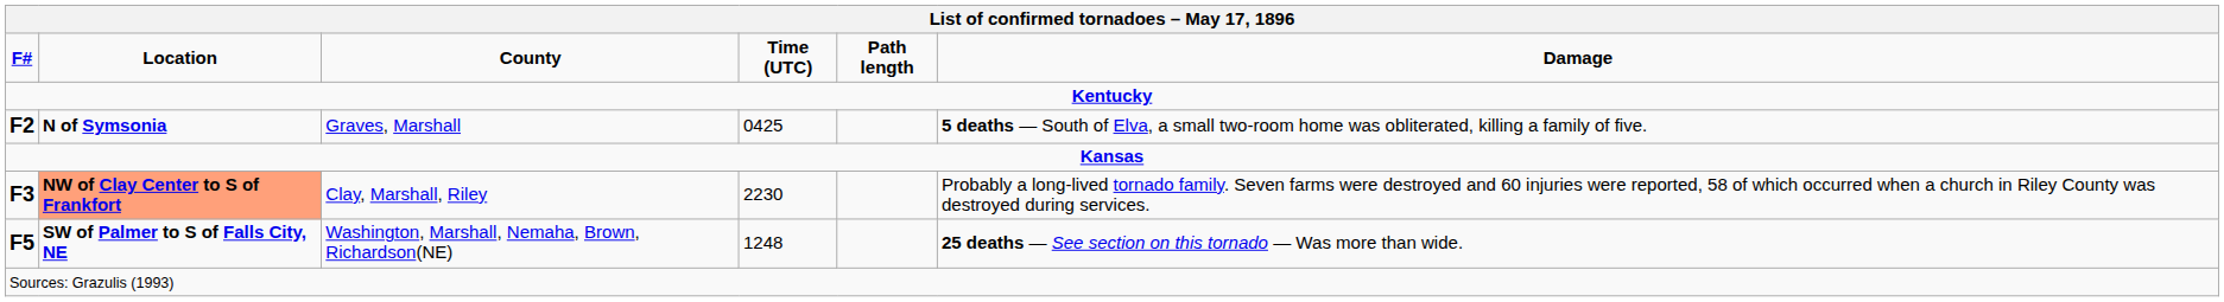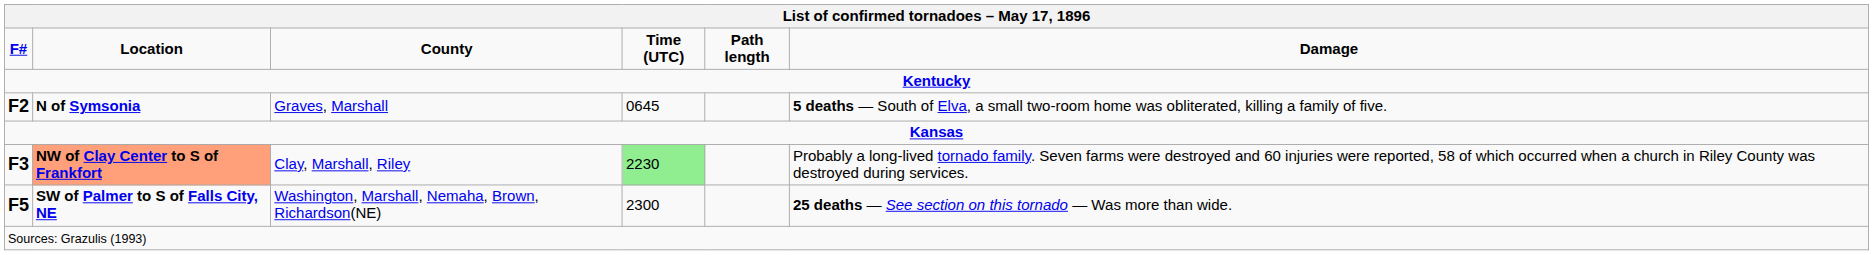 <table class="wikitable toccolours collapsible" style="width:100%;">
 <tr>
 <th colspan="6">List of confirmed tornadoes – May 17, 1896</th>
 </tr>
 <tr style="text-align:center;">
 <td><strong><a href='#'>F#</a></strong></td>
 <td><strong>Location</strong></td>
 <td><strong>County</strong></td>
 <td><strong>Time (UTC)</strong></td>
 <td><strong>Path length</strong></td>
 <td><strong>Damage</strong></td>
 </tr>
 <tr>
 <td colspan="7" style="text-align:center;"><strong><a href='#'>Kentucky</a></strong></td>
 </tr>
 <tr>
 <td><big><strong>F2</strong></big></td>
 <td><strong>N of <a href='#'>Symsonia</a></strong></td>
 <td><a href='#'>Graves</a>, <a href='#'>Marshall</a></td>
-<td>0425</td>
+<td>0645</td>
 <td></td>
 <td><strong>5 deaths</strong> — South of <a href='#'>Elva</a>, a small two-room home was obliterated, killing a family of five.</td>
 </tr>
 <tr>
 <td colspan="7" style="text-align:center;"><strong><a href='#'>Kansas</a></strong></td>
 </tr>
 <tr>
 <td><big><strong>F3</strong></big></td>
 <td style="background: lightsalmon;"><strong>NW of <a href='#'>Clay Center</a> to S of <a href='#'>Frankfort</a></strong></td>
 <td><a href='#'>Clay</a>, <a href='#'>Marshall</a>, <a href='#'>Riley</a></td>
-<td>2230</td>
+<td style="background: lightgreen;">2230</td>
 <td></td>
 <td>Probably a long-lived <a href='#'>tornado family</a>. Seven farms were destroyed and 60 injuries were reported, 58 of which occurred when a church in Riley County was destroyed during services.</td>
 </tr>
 <tr>
 <td><big><strong>F5</strong></big></td>
 <td><strong>SW of <a href='#'>Palmer</a> to S of <a href='#'>Falls City, NE</a></strong></td>
 <td><a href='#'>Washington</a>, <a href='#'>Marshall</a>, <a href='#'>Nemaha</a>, <a href='#'>Brown</a>, <a href='#'>Richardson</a>(NE)</td>
-<td>1248</td>
+<td>2300</td>
 <td></td>
 <td><strong>25 deaths</strong> — <em><a href='#'>See section on this tornado</a></em> — Was more than  wide.</td>
 </tr>
 <tr>
 <td colspan="7"><small>Sources: Grazulis (1993)</small></td>
 </tr>
 </table>
